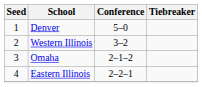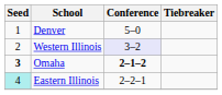 <table class="wikitable" style="text-align:center">
 <tr>
 <th>Seed</th>
 <th>School</th>
 <th>Conference</th>
 <th>Tiebreaker</th>
 </tr>
 <tr>
 <td>1</td>
 <td align=left><a href='#'>Denver</a></td>
 <td>5–0</td>
 <td align=left></td>
 </tr>
 <tr>
 <td>2</td>
 <td align=left><a href='#'>Western Illinois</a></td>
-<td>3–2</td>
+<td style="background: lavender;">3–2</td>
 <td align=left></td>
 </tr>
 <tr>
-<td>3</td>
+<td><strong>3</strong></td>
 <td align=left><a href='#'>Omaha</a></td>
-<td>2–1–2</td>
+<td><strong>2–1–2</strong></td>
 <td align=left></td>
 </tr>
 <tr>
-<td>4</td>
+<td style="background: paleturquoise;">4</td>
 <td align=left><a href='#'>Eastern Illinois</a></td>
 <td>2–2–1</td>
 <td align=left></td>
 </tr>
 <tr>
 </tr>
 </table>
